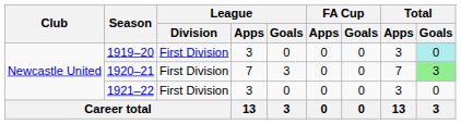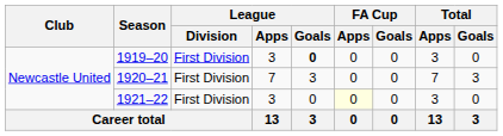 <table class="wikitable" style="text-align: center;">
 <tr>
 <th rowspan="2">Club</th>
 <th rowspan="2">Season</th>
 <th colspan="3">League</th>
 <th colspan="2">FA Cup</th>
 <th colspan="2">Total</th>
 </tr>
 <tr>
 <th>Division</th>
 <th>Apps</th>
 <th>Goals</th>
 <th>Apps</th>
 <th>Goals</th>
 <th>Apps</th>
 <th>Goals</th>
 </tr>
 <tr>
 <td rowspan="3"><a href='#'>Newcastle United</a></td>
 <td><a href='#'>1919–20</a></td>
 <td><a href='#'>First Division</a></td>
 <td>3</td>
-<td>0</td>
+<td><strong>0</strong></td>
 <td>0</td>
 <td>0</td>
 <td>3</td>
-<td style="background: paleturquoise;">0</td>
+<td>0</td>
 </tr>
 <tr>
 <td><a href='#'>1920–21</a></td>
 <td>First Division</td>
 <td>7</td>
 <td>3</td>
 <td>0</td>
 <td>0</td>
 <td>7</td>
-<td style="background: lightgreen;">3</td>
+<td>3</td>
 </tr>
 <tr>
 <td><a href='#'>1921–22</a></td>
 <td>First Division</td>
 <td>3</td>
 <td>0</td>
-<td>0</td>
+<td style="background: lightyellow;">0</td>
 <td>0</td>
 <td>3</td>
 <td>0</td>
 </tr>
 <tr>
 <th colspan="3">Career total</th>
 <th>13</th>
 <th>3</th>
 <th>0</th>
 <th>0</th>
 <th>13</th>
 <th>3</th>
 </tr>
 </table>
